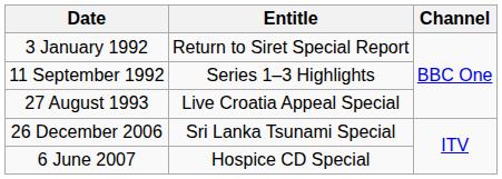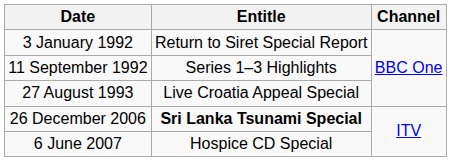 <table class="wikitable" style="text-align:center;">
 <tr>
 <th>Date</th>
 <th>Entitle</th>
 <th>Channel</th>
 </tr>
 <tr>
 <td>3 January 1992</td>
 <td>Return to Siret Special Report</td>
 <td rowspan="3"><a href='#'>BBC One</a></td>
 </tr>
 <tr>
 <td>11 September 1992</td>
 <td>Series 1–3 Highlights</td>
 </tr>
 <tr>
 <td>27 August 1993</td>
 <td>Live Croatia Appeal Special</td>
 </tr>
 <tr>
 <td>26 December 2006</td>
-<td>Sri Lanka Tsunami Special</td>
+<td><strong>Sri Lanka Tsunami Special</strong></td>
 <td rowspan="2"><a href='#'>ITV</a></td>
 </tr>
 <tr>
 <td>6 June 2007</td>
 <td>Hospice CD Special</td>
 </tr>
 </table>
